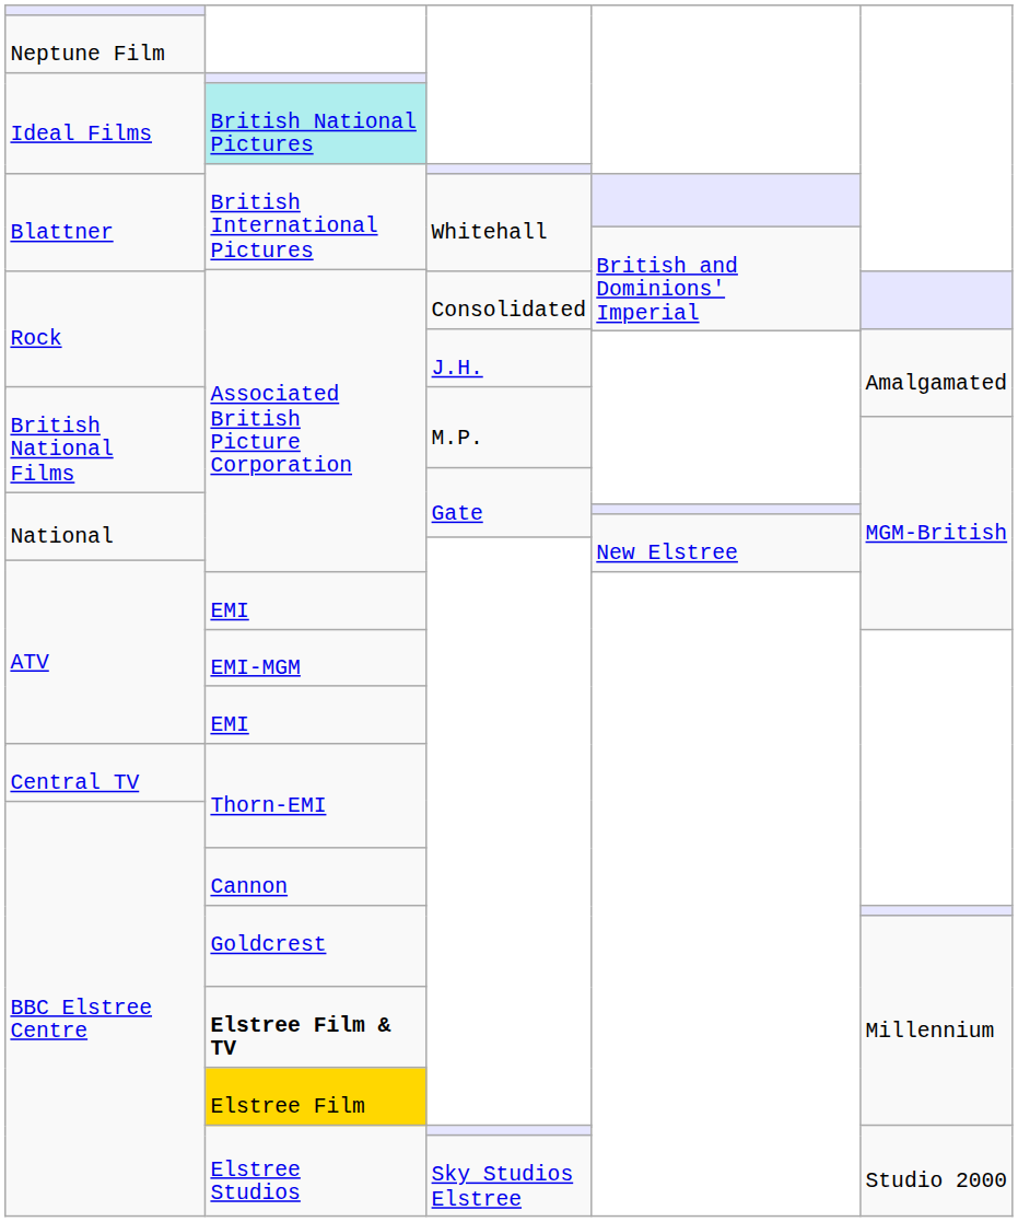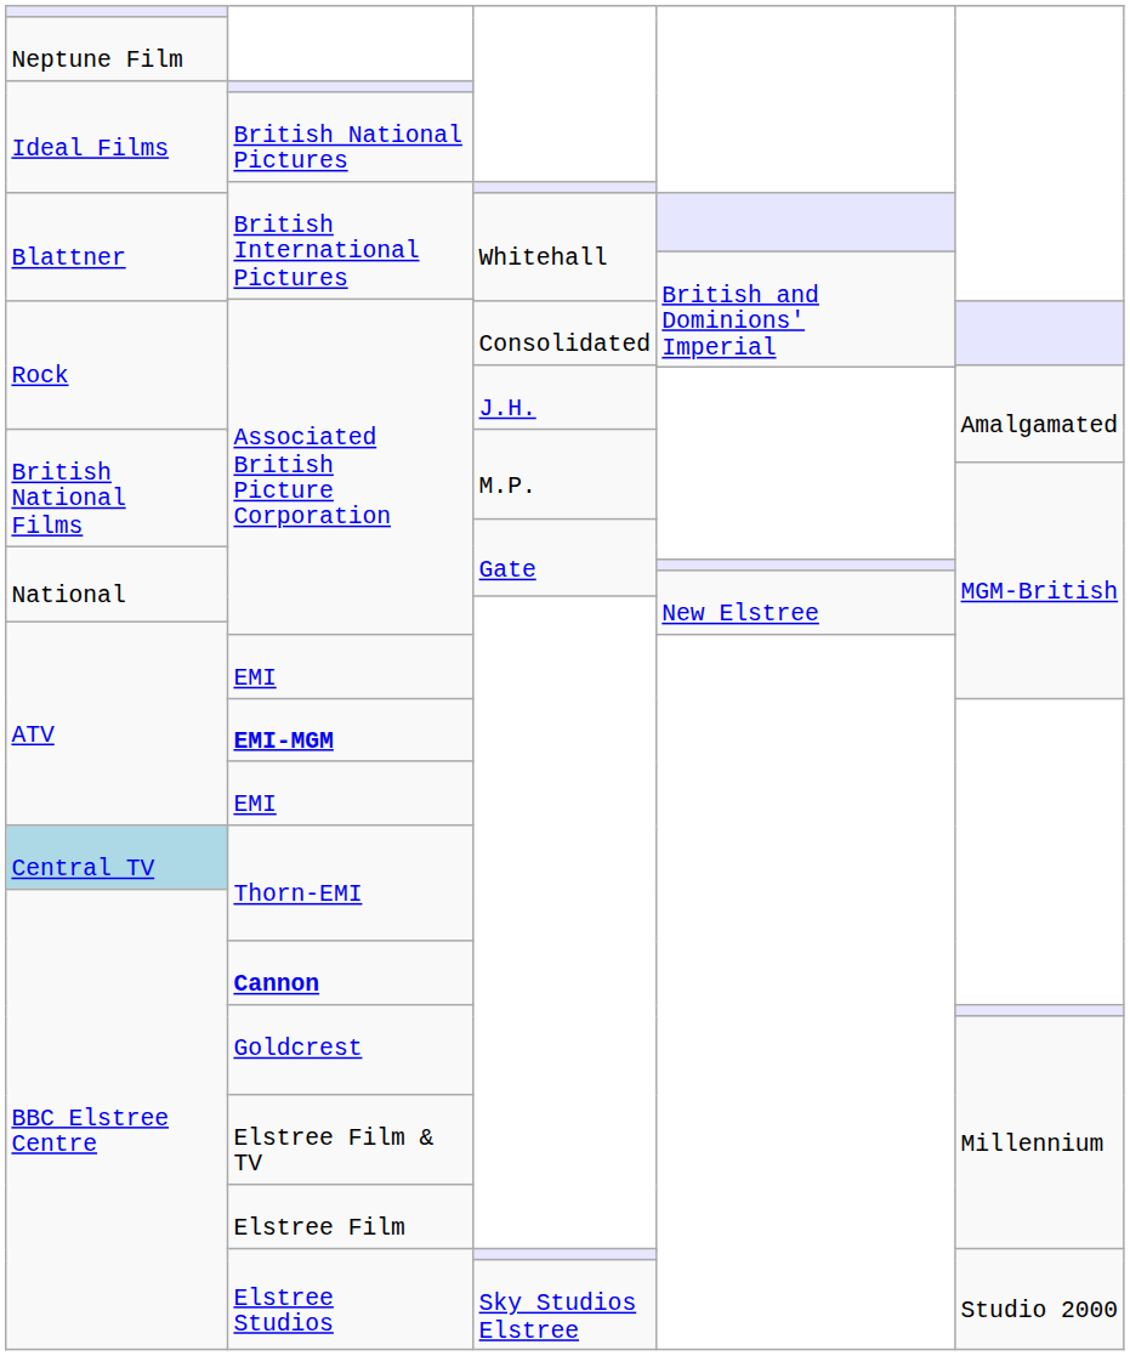 <table class="wikitable" style="line-height: 110%;">
 <tr>
 <td style="background-color:#e6e6ff"></td>
 <td rowspan="2" style="background-color:white"> </td>
 <td rowspan="4" style="background-color:white"> </td>
 <td rowspan="5" style="background-color:white"> </td>
 <td rowspan="8" style="background-color:white"> </td>
 </tr>
 <tr>
 <td><br>Neptune Film</td>
 </tr>
 <tr>
 <td rowspan="3"><br><a href='#'>Ideal Films</a></td>
 <td style="background-color:#e6e6ff"></td>
 </tr>
 <tr>
-<td style="background: paleturquoise;"><br><a href='#'>British National<br>Pictures</a></td>
+<td><br><a href='#'>British National<br>Pictures</a></td>
 </tr>
 <tr>
 <td rowspan="3"><br><a href='#'>British<br>International<br>Pictures</a></td>
 <td style="background-color:#e6e6ff"></td>
 </tr>
 <tr>
 <td rowspan="3"><br><a href='#'>Blattner</a></td>
 <td rowspan="3"><br>Whitehall</td>
 <td style="background-color:#e6e6ff"><a href='#'></a></td>
 </tr>
 <tr>
 <td rowspan="4"><br><a href='#'>British and Dominions'<br>Imperial</a></td>
 </tr>
 <tr>
 <td rowspan="14"><br><a href='#'>Associated<br>British<br>Picture<br>Corporation</a></td>
 </tr>
 <tr>
 <td rowspan="4"><br><a href='#'>Rock</a></td>
 <td><br>Consolidated</td>
 <td style="background-color:#e6e6ff"><a href='#'></a></td>
 </tr>
 <tr>
 <td rowspan="2"><br><a href='#'>J.H.</a></td>
 <td rowspan="4"><br>Amalgamated</td>
 </tr>
 <tr>
 <td rowspan="6" style="background-color:white"> </td>
 </tr>
 <tr>
 <td rowspan="3"><br>M.P.</td>
 </tr>
 <tr>
 <td rowspan="3"><br><a href='#'>British National<br>Films</a></td>
 </tr>
 <tr>
 <td rowspan="9"><br><a href='#'>MGM-British</a></td>
 </tr>
 <tr>
 <td rowspan="4"><br><a href='#'>Gate</a></td>
 </tr>
 <tr>
 <td rowspan="4"><br>National<br></td>
 </tr>
 <tr>
 <td style="background-color:#e6e6ff"><a href='#'></a></td>
 </tr>
 <tr>
 <td rowspan="3"><br><a href='#'>New Elstree</a></td>
 </tr>
 <tr>
 <td rowspan="15" style="background-color:white"> </td>
 </tr>
 <tr>
 <td rowspan="6"><br><a href='#'>ATV</a></td>
 </tr>
 <tr>
 <td rowspan="15" style="background-color:white"> </td>
 </tr>
 <tr>
 <td><br><a href='#'>EMI</a></td>
 </tr>
 <tr>
-<td><br><a href='#'>EMI-MGM</a></td>
+<td><strong><br><a href='#'>EMI-MGM</a></strong></td>
 <td rowspan="6" style="background-color:white"> </td>
 </tr>
 <tr>
 <td><br><a href='#'>EMI</a></td>
 </tr>
 <tr>
 <td rowspan="3"> <br><br><a href='#'>Thorn-EMI</a><br> </td>
 </tr>
 <tr>
-<td><br><a href='#'>Central TV</a></td>
+<td style="background: lightblue;"><br><a href='#'>Central TV</a></td>
 </tr>
 <tr>
 <td rowspan = "9"><br><a href='#'>BBC Elstree<br>Centre</a></td>
 </tr>
 <tr>
-<td><br><a href='#'>Cannon</a></td>
+<td><strong><br><a href='#'>Cannon</a></strong></td>
 </tr>
 <tr>
 <td rowspan = "2"><br><a href='#'>Goldcrest</a><br>  </td>
 <td style="background-color:#e6e6ff"><a href='#'></a></td>
 </tr>
 <tr>
 <td rowspan = "3"><br>Millennium</td>
 </tr>
 <tr>
-<td><strong><br>Elstree Film & TV</strong></td>
+<td><br>Elstree Film & TV</td>
 </tr>
 <tr>
-<td style="background: gold;"><br>Elstree Film</td>
+<td><br>Elstree Film</td>
 </tr>
 <tr>
 <td rowspan="3"><br><a href='#'>Elstree <br>Studios</a></td>
 <td rowspan="3"><br>Studio 2000</td>
 </tr>
 <tr>
 <td style="background-color:#e6e6ff"><a href='#'></a></td>
 </tr>
 <tr>
 <td><br><a href='#'>Sky Studios<br>Elstree</a></td>
 </tr>
 </table>
